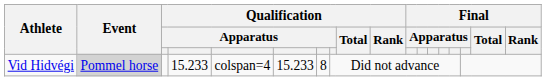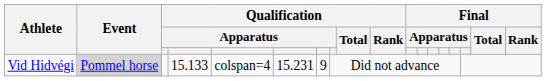 <table class="wikitable" style="font-size:90%">
 <tr>
 <th rowspan=3>Athlete</th>
 <th rowspan=3>Event</th>
 <th colspan =8>Qualification</th>
 <th colspan =8>Final</th>
 </tr>
 <tr style="font-size:95%">
 <th colspan=6>Apparatus</th>
 <th rowspan=2>Total</th>
 <th rowspan=2>Rank</th>
 <th colspan=6>Apparatus</th>
 <th rowspan=2>Total</th>
 <th rowspan=2>Rank</th>
 </tr>
 <tr style="font-size:95%">
 <th></th>
 <th></th>
 <th></th>
 <th></th>
 <th></th>
 <th></th>
 <th></th>
 <th></th>
 <th></th>
 <th></th>
 <th></th>
 <th></th>
 </tr>
 <tr align=center>
 <td align=left><a href='#'>Vid Hidvégi</a></td>
 <td align=left style="background: lightgrey;"><a href='#'>Pommel horse</a></td>
 <td></td>
-<td>15.233</td>
+<td>15.133</td>
 <td>colspan=4 </td>
-<td>15.233</td>
-<td>8</td>
+<td>15.231</td>
+<td>9</td>
 <td colspan=8>Did not advance</td>
 </tr>
 </table>
